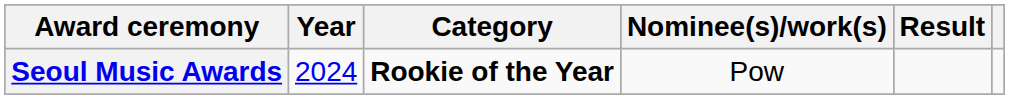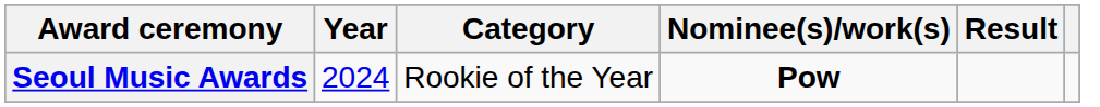 <table class="wikitable plainrowheaders sortable" style="text-align:center">
 <tr>
 <th scope="col">Award ceremony</th>
 <th scope="col">Year</th>
 <th scope="col">Category</th>
 <th scope="col">Nominee(s)/work(s)</th>
 <th scope="col">Result</th>
 <th scope="col" class="unsortable"></th>
 </tr>
 <tr>
 <th scope="row"><a href='#'>Seoul Music Awards</a></th>
 <td rowspan="3"><a href='#'>2024</a></td>
-<td><strong>Rookie of the Year</strong></td>
-<td>Pow</td>
+<td>Rookie of the Year</td>
+<td><strong>Pow</strong></td>
 <td></td>
 <td></td>
 </tr>
 </table>
